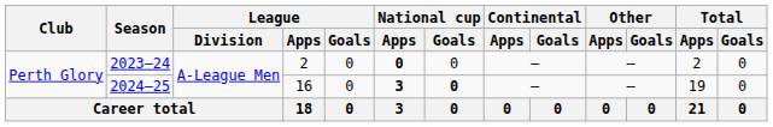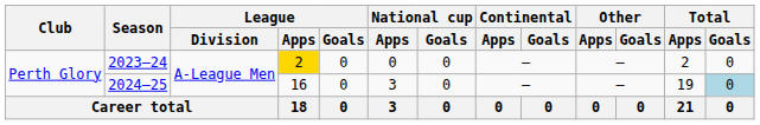 <table class="wikitable" style="text-align:center">
 <tr>
 <th rowspan="2">Club</th>
 <th rowspan="2">Season</th>
 <th colspan="3">League</th>
 <th colspan="2">National cup</th>
 <th colspan="2">Continental</th>
 <th colspan="2">Other</th>
 <th colspan="2">Total</th>
 </tr>
 <tr>
 <th>Division</th>
 <th>Apps</th>
 <th>Goals</th>
 <th>Apps</th>
 <th>Goals</th>
 <th>Apps</th>
 <th>Goals</th>
 <th>Apps</th>
 <th>Goals</th>
 <th>Apps</th>
 <th>Goals</th>
 </tr>
 <tr>
 <td rowspan="2"><a href='#'>Perth Glory</a></td>
 <td><a href='#'>2023–24</a></td>
 <td rowspan="2"><a href='#'>A-League Men</a></td>
-<td>2</td>
+<td style="background: gold;">2</td>
 <td>0</td>
-<td><strong>0</strong></td>
+<td>0</td>
 <td>0</td>
 <td colspan="2">—</td>
 <td colspan="2">—</td>
 <td>2</td>
 <td>0</td>
 </tr>
 <tr>
 <td><a href='#'>2024–25</a></td>
 <td>16</td>
 <td>0</td>
-<td><strong>3</strong></td>
-<td><strong>0</strong></td>
+<td>3</td>
+<td>0</td>
 <td colspan="2">—</td>
 <td colspan="2">—</td>
 <td>19</td>
-<td>0</td>
+<td style="background: lightblue;">0</td>
 </tr>
 <tr>
 <th colspan="3">Career total</th>
 <th>18</th>
 <th>0</th>
 <th>3</th>
 <th>0</th>
 <th>0</th>
 <th>0</th>
 <th>0</th>
 <th>0</th>
 <th>21</th>
 <th>0</th>
 </tr>
 </table>
